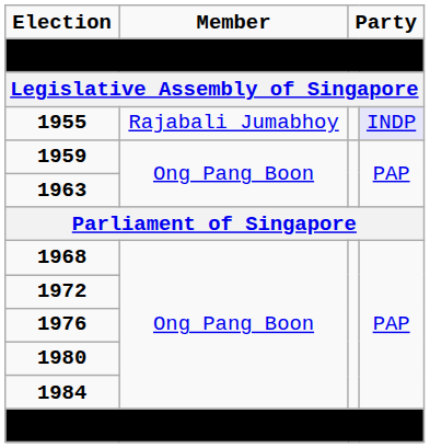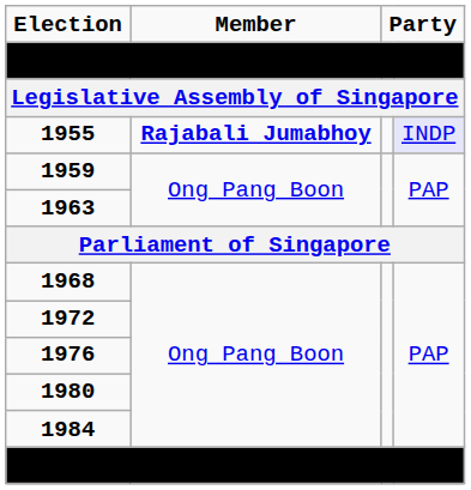 <table class="wikitable" align="center" style="text-align:center">
 <tr>
 <td><strong>Election </strong></td>
 <td><strong>Member</strong></td>
 <td colspan="2"><strong>Party</strong></td>
 </tr>
 <tr>
 <td colspan=4 bgcolor=black><span><strong>Formation</strong></span></td>
 </tr>
 <tr>
 <th colspan="4"><a href='#'>Legislative Assembly of Singapore</a></th>
 </tr>
 <tr>
 <td><strong>1955</strong></td>
-<td><a href='#'>Rajabali Jumabhoy</a></td>
+<td><strong><a href='#'>Rajabali Jumabhoy</a></strong></td>
 <td rowspan="1"></td>
 <td rowspan="1" style="background: lavender;"><a href='#'>INDP</a></td>
 </tr>
 <tr>
 <td><strong>1959</strong></td>
 <td rowspan="2"><a href='#'>Ong Pang Boon</a></td>
 <td rowspan="2"></td>
 <td rowspan="2"><a href='#'>PAP</a></td>
 </tr>
 <tr>
 <td><strong>1963</strong></td>
 </tr>
 <tr>
 <th colspan="4"><a href='#'>Parliament of Singapore</a></th>
 </tr>
 <tr>
 <td><strong>1968</strong></td>
 <td rowspan="5"><a href='#'>Ong Pang Boon</a></td>
 <td rowspan="5"></td>
 <td rowspan="5"><a href='#'>PAP</a></td>
 </tr>
 <tr>
 <td><strong>1972</strong></td>
 </tr>
 <tr>
 <td><strong>1976</strong></td>
 </tr>
 <tr>
 <td><strong>1980</strong></td>
 </tr>
 <tr>
 <td><strong>1984</strong></td>
 </tr>
 <tr>
 <td colspan=4 bgcolor=black><span><strong>Constituency abolished (1988)</strong></span></td>
 </tr>
 </table>
